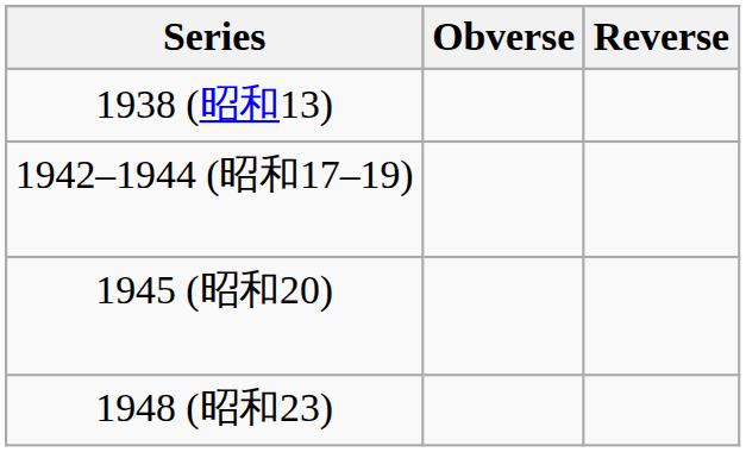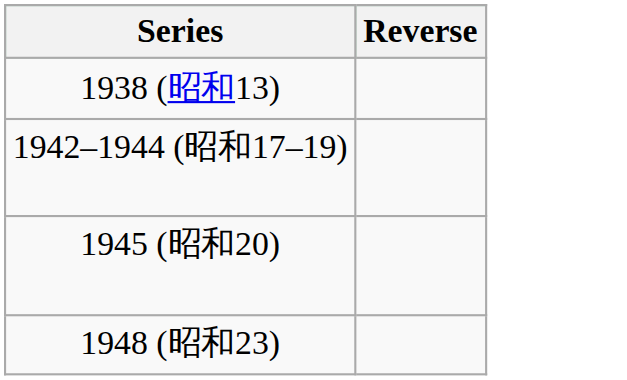 <table class="wikitable">
 <tr style="background:#2E8B57;">
 <th>Series</th>
-<th>Obverse</th>
 <th>Reverse</th>
 </tr>
 <tr>
 <td align="center">1938 (<a href='#'>昭和</a>13)<br></td>
 <td></td>
-<td></td>
 </tr>
 <tr>
 <td align="center">1942–1944 (昭和17–19)<br><br></td>
-<td></td>
 <td></td>
 </tr>
 <tr>
 <td align="center">1945 (昭和20)<br><br></td>
 <td></td>
-<td></td>
 </tr>
 <tr>
 <td align="center">1948 (昭和23)<br></td>
 <td></td>
-<td></td>
 </tr>
 </table>
